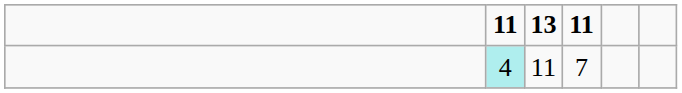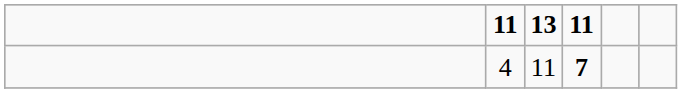 <table class="wikitable">
 <tr>
 <td style="width:18em"></td>
 <td align=center style="width:1em"><strong>11</strong></td>
 <td align=center style="width:1em"><strong>13</strong></td>
 <td align=center style="width:1em"><strong>11</strong></td>
 <td align=center style="width:1em"></td>
 <td align=center style="width:1em"></td>
 </tr>
 <tr>
 <td style="width:18em"></td>
-<td align=center style="background: paleturquoise; width:1em">4</td>
+<td align=center style="width:1em">4</td>
 <td align=center style="width:1em">11</td>
-<td align=center style="width:1em">7</td>
+<td align=center style="width:1em"><strong>7</strong></td>
 <td align=center style="width:1em"></td>
 <td align=center style="width:1em"></td>
 </tr>
 </table>
